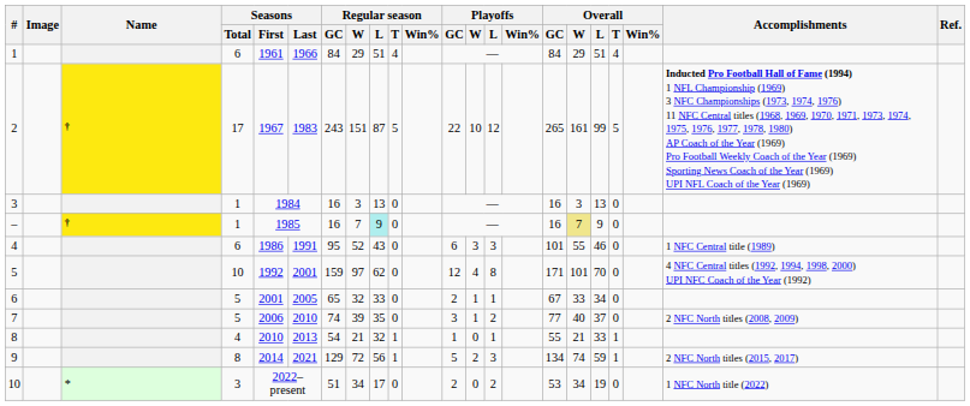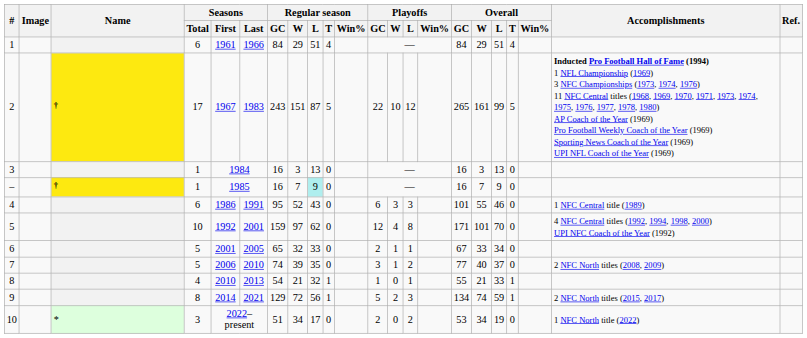 <table class="wikitable sortable" style="text-align:center">
 <tr>
 <th scope="col" rowspan="2">#</th>
 <th scope="col" rowspan="2" class="unsortable">Image</th>
 <th scope="col" rowspan="2" width="200">Name</th>
 <th scope="col" colspan="3">Seasons</th>
 <th scope="col" colspan="5">Regular season</th>
 <th scope="col" colspan="4">Playoffs</th>
 <th scope="col" colspan="5">Overall</th>
 <th scope="col" rowspan="2" class="unsortable">Accomplishments</th>
 <th scope="col" rowspan="2" class="unsortable">Ref.</th>
 </tr>
 <tr>
 <th scope="col">Total</th>
 <th scope="col">First</th>
 <th scope="col">Last</th>
 <th scope="col">GC</th>
 <th scope="col">W</th>
 <th scope="col">L</th>
 <th scope="col">T</th>
 <th scope="col">Win%</th>
 <th scope="col">GC</th>
 <th scope="col">W</th>
 <th scope="col">L</th>
 <th scope="col">Win%</th>
 <th scope="col">GC</th>
 <th scope="col">W</th>
 <th scope="col">L</th>
 <th scope="col">T</th>
 <th scope="col">Win%</th>
 </tr>
 <tr>
 <td>1</td>
 <td></td>
 <th scope="row" style="text-align:left"></th>
 <td>6</td>
 <td><a href='#'>1961</a></td>
 <td><a href='#'>1966</a></td>
 <td>84</td>
 <td>29</td>
 <td>51</td>
 <td>4</td>
 <td></td>
 <td colspan="4">—</td>
 <td>84</td>
 <td>29</td>
 <td>51</td>
 <td>4</td>
 <td></td>
 <td style="text-align:left"></td>
 <td></td>
 </tr>
 <tr>
 <td>2</td>
 <td></td>
 <th scope="row" style="background-color:#FDE910;text-align:left"><sup>†</sup></th>
 <td>17</td>
 <td><a href='#'>1967</a></td>
 <td><a href='#'>1983</a></td>
 <td>243</td>
 <td>151</td>
 <td>87</td>
 <td>5</td>
 <td></td>
 <td>22</td>
 <td>10</td>
 <td>12</td>
 <td></td>
 <td>265</td>
 <td>161</td>
 <td>99</td>
 <td>5</td>
 <td></td>
 <td style="text-align:left"><small><strong>Inducted <a href='#'>Pro Football Hall of Fame</a> (1994)</strong><br>1 <a href='#'>NFL Championship</a> (<a href='#'>1969</a>)<br>3 <a href='#'>NFC Championships</a> (<a href='#'>1973</a>, <a href='#'>1974</a>, <a href='#'>1976</a>)<br>11 <a href='#'>NFC Central</a> titles (<a href='#'>1968</a>, <a href='#'>1969</a>, <a href='#'>1970</a>, <a href='#'>1971</a>, <a href='#'>1973</a>, <a href='#'>1974</a>, <a href='#'>1975</a>, <a href='#'>1976</a>, <a href='#'>1977</a>, <a href='#'>1978</a>, <a href='#'>1980</a>)<br><a href='#'>AP Coach of the Year</a> (1969)<br><a href='#'>Pro Football Weekly Coach of the Year</a> (1969)<br><a href='#'>Sporting News Coach of the Year</a> (1969)<br><a href='#'>UPI NFL Coach of the Year</a> (1969)</small></td>
 <td></td>
 </tr>
 <tr>
 <td>3</td>
 <td></td>
 <th scope="row" style="text-align:left"></th>
 <td>1</td>
 <td colspan="2"><a href='#'>1984</a></td>
 <td>16</td>
 <td>3</td>
 <td>13</td>
 <td>0</td>
 <td></td>
 <td colspan="4">—</td>
 <td>16</td>
 <td>3</td>
 <td>13</td>
 <td>0</td>
 <td></td>
 <td style="text-align:left"></td>
 <td></td>
 </tr>
 <tr>
 <td>–</td>
 <td></td>
 <th scope="row" style="background-color:#FDE910;text-align:left"><sup>†</sup></th>
 <td>1</td>
 <td colspan="2"><a href='#'>1985</a></td>
 <td>16</td>
 <td>7</td>
 <td style="background: paleturquoise;">9</td>
 <td>0</td>
 <td></td>
 <td colspan="4">—</td>
 <td>16</td>
-<td style="background: khaki;">7</td>
+<td>7</td>
 <td>9</td>
 <td>0</td>
 <td></td>
 <td style="text-align:left"></td>
 <td></td>
 </tr>
 <tr>
 <td>4</td>
 <td></td>
 <th scope="row" style="text-align:left"></th>
 <td>6</td>
 <td><a href='#'>1986</a></td>
 <td><a href='#'>1991</a></td>
 <td>95</td>
 <td>52</td>
 <td>43</td>
 <td>0</td>
 <td></td>
 <td>6</td>
 <td>3</td>
 <td>3</td>
 <td></td>
 <td>101</td>
 <td>55</td>
 <td>46</td>
 <td>0</td>
 <td></td>
 <td style="text-align:left"><small>1 <a href='#'>NFC Central</a> title (<a href='#'>1989</a>)</small></td>
 <td></td>
 </tr>
 <tr>
 <td>5</td>
 <td></td>
 <th scope="row" style="text-align:left"></th>
 <td>10</td>
 <td><a href='#'>1992</a></td>
 <td><a href='#'>2001</a></td>
 <td>159</td>
 <td>97</td>
 <td>62</td>
 <td>0</td>
 <td></td>
 <td>12</td>
 <td>4</td>
 <td>8</td>
 <td></td>
 <td>171</td>
 <td>101</td>
 <td>70</td>
 <td>0</td>
 <td></td>
 <td style="text-align:left"><small>4 <a href='#'>NFC Central</a> titles (<a href='#'>1992</a>, <a href='#'>1994</a>, <a href='#'>1998</a>, <a href='#'>2000</a>)<br><a href='#'>UPI NFC Coach of the Year</a> (1992)</small></td>
 <td></td>
 </tr>
 <tr>
 <td>6</td>
 <td></td>
 <th scope="row" style="text-align:left"></th>
 <td>5</td>
 <td><a href='#'>2001</a></td>
 <td><a href='#'>2005</a></td>
 <td>65</td>
 <td>32</td>
 <td>33</td>
 <td>0</td>
 <td></td>
 <td>2</td>
 <td>1</td>
 <td>1</td>
 <td></td>
 <td>67</td>
 <td>33</td>
 <td>34</td>
 <td>0</td>
 <td></td>
 <td style="text-align:left"></td>
 <td></td>
 </tr>
 <tr>
 <td>7</td>
 <td></td>
 <th scope="row" style="text-align:left"></th>
 <td>5</td>
 <td><a href='#'>2006</a></td>
 <td><a href='#'>2010</a></td>
 <td>74</td>
 <td>39</td>
 <td>35</td>
 <td>0</td>
 <td></td>
 <td>3</td>
 <td>1</td>
 <td>2</td>
 <td></td>
 <td>77</td>
 <td>40</td>
 <td>37</td>
 <td>0</td>
 <td></td>
 <td style="text-align:left"><small>2 <a href='#'>NFC North</a> titles (<a href='#'>2008</a>, <a href='#'>2009</a>)</small></td>
 <td></td>
 </tr>
 <tr>
 <td>8</td>
 <td></td>
 <th scope="row" style="text-align:left"></th>
 <td>4</td>
 <td><a href='#'>2010</a></td>
 <td><a href='#'>2013</a></td>
 <td>54</td>
 <td>21</td>
 <td>32</td>
 <td>1</td>
 <td></td>
 <td>1</td>
 <td>0</td>
 <td>1</td>
 <td></td>
 <td>55</td>
 <td>21</td>
 <td>33</td>
 <td>1</td>
 <td></td>
 <td style="text-align:left"></td>
 <td></td>
 </tr>
 <tr>
 <td>9</td>
 <td></td>
 <th scope="row" style="text-align:left"></th>
 <td>8</td>
 <td><a href='#'>2014</a></td>
 <td><a href='#'>2021</a></td>
 <td>129</td>
 <td>72</td>
 <td>56</td>
 <td>1</td>
 <td></td>
 <td>5</td>
 <td>2</td>
 <td>3</td>
 <td></td>
 <td>134</td>
 <td>74</td>
 <td>59</td>
 <td>1</td>
 <td></td>
 <td style="text-align:left"><small>2 <a href='#'>NFC North</a> titles (<a href='#'>2015</a>, <a href='#'>2017</a>)</small></td>
 <td></td>
 </tr>
 <tr>
 <td>10</td>
 <td></td>
 <td align="left" style="background-color:#ddffdd">*</td>
 <td>3</td>
 <td colspan="2"><a href='#'>2022</a>–present</td>
 <td>51</td>
 <td>34</td>
 <td>17</td>
 <td>0</td>
 <td></td>
 <td>2</td>
 <td>0</td>
 <td>2</td>
 <td></td>
 <td>53</td>
 <td>34</td>
 <td>19</td>
 <td>0</td>
 <td></td>
 <td style="text-align:left"><small>1 <a href='#'>NFC North</a> title (<a href='#'>2022</a>)</small></td>
 <td></td>
 </tr>
 </table>
